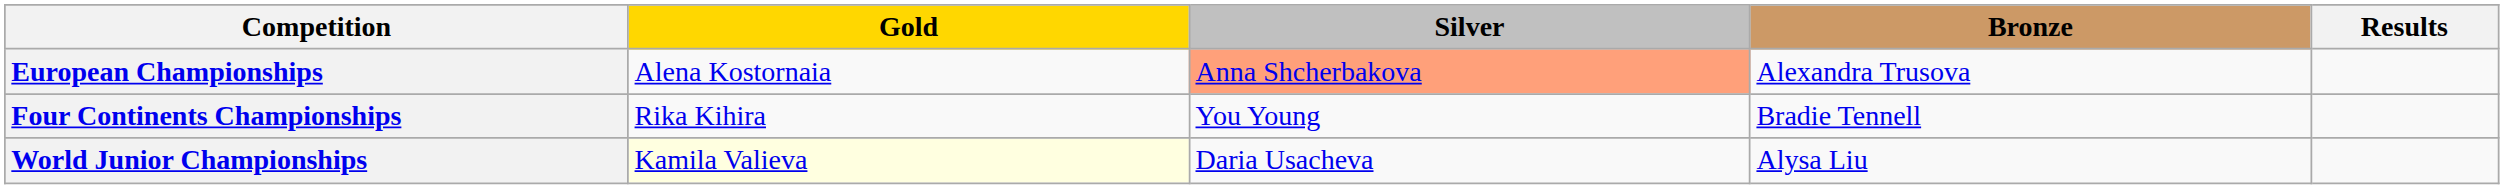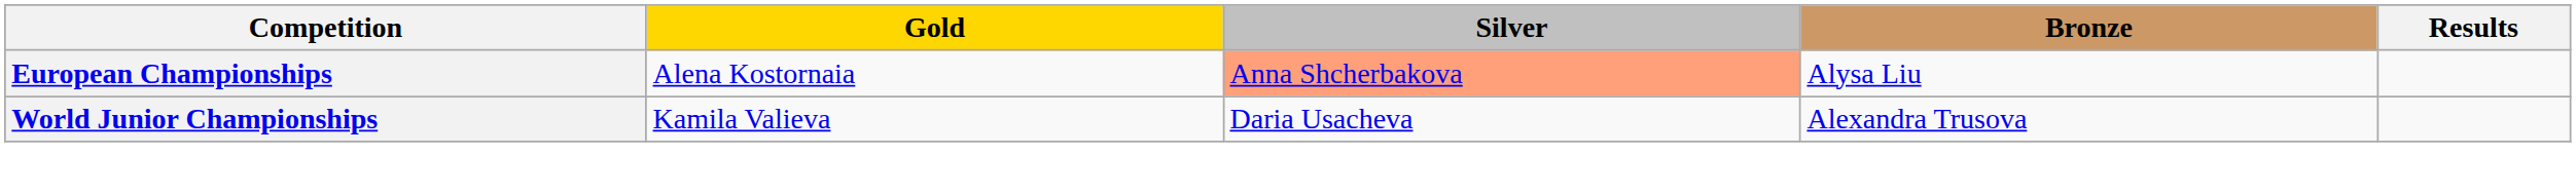 <table class="wikitable unsortable" style="text-align:left; width:90%">
 <tr>
 <th scope="col" style="text-align:center; width:25%;">Competition</th>
 <td scope="col" style="text-align:center; width:22.5%; background:gold"><strong>Gold</strong></td>
 <td scope="col" style="text-align:center; width:22.5%; background:silver"><strong>Silver</strong></td>
 <td scope="col" style="text-align:center; width:22.5%; background:#c96"><strong>Bronze</strong></td>
 <th scope="col" style="text-align:center; width:7.5%;">Results</th>
 </tr>
 <tr>
 <th scope="row" style="text-align:left"> <a href='#'>European Championships</a></th>
 <td> <a href='#'>Alena Kostornaia</a></td>
 <td style="background: lightsalmon;"> <a href='#'>Anna Shcherbakova</a></td>
-<td> <a href='#'>Alexandra Trusova</a></td>
-<td></td>
-</tr>
-<tr>
-<th scope="row" style="text-align:left"> <a href='#'>Four Continents Championships</a></th>
-<td> <a href='#'>Rika Kihira</a></td>
-<td> <a href='#'>You Young</a></td>
-<td> <a href='#'>Bradie Tennell</a></td>
+<td> <a href='#'>Alysa Liu</a></td>
 <td></td>
 </tr>
 <tr>
 <th scope="row" style="text-align:left"> <a href='#'>World Junior Championships</a></th>
-<td style="background: lightyellow;"> <a href='#'>Kamila Valieva</a></td>
+<td> <a href='#'>Kamila Valieva</a></td>
 <td> <a href='#'>Daria Usacheva</a></td>
-<td> <a href='#'>Alysa Liu</a></td>
+<td> <a href='#'>Alexandra Trusova</a></td>
 <td></td>
 </tr>
 </table>
